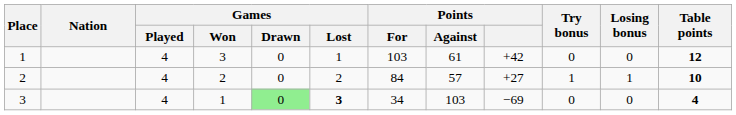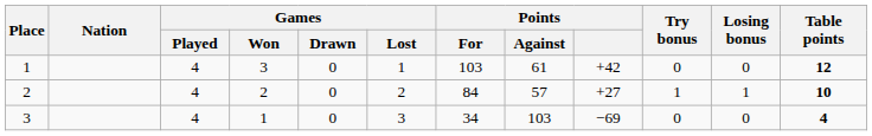 <table class="wikitable" style="text-align:center">
 <tr>
 <th rowspan="2" style="width:5%">Place</th>
 <th rowspan="2">Nation</th>
 <th colspan="4" style="width:32%">Games</th>
 <th colspan="3" style="width:18%">Points</th>
 <th rowspan="2" style="width:8%">Try<br>bonus</th>
 <th rowspan="2" style="width:8%">Losing<br>bonus</th>
 <th rowspan="2" style="width:10%">Table<br>points</th>
 </tr>
 <tr>
 <th style="width:8%">Played</th>
 <th style="width:8%">Won</th>
 <th style="width:8%">Drawn</th>
 <th style="width:8%">Lost</th>
 <th style="width:8%">For</th>
 <th style="width:8%">Against</th>
 <th style="width:8%"></th>
 </tr>
 <tr>
 <td>1</td>
 <td align=left></td>
 <td>4</td>
 <td>3</td>
 <td>0</td>
 <td>1</td>
 <td>103</td>
 <td>61</td>
 <td>+42</td>
 <td>0</td>
 <td>0</td>
 <td><strong>12</strong></td>
 </tr>
 <tr>
 <td>2</td>
 <td align=left></td>
 <td>4</td>
 <td>2</td>
 <td>0</td>
 <td>2</td>
 <td>84</td>
 <td>57</td>
 <td>+27</td>
 <td>1</td>
 <td>1</td>
 <td><strong>10</strong></td>
 </tr>
 <tr>
 <td>3</td>
 <td align=left></td>
 <td>4</td>
 <td>1</td>
-<td style="background: lightgreen;">0</td>
-<td><strong>3</strong></td>
+<td>0</td>
+<td>3</td>
 <td>34</td>
 <td>103</td>
 <td>−69</td>
 <td>0</td>
 <td>0</td>
 <td><strong>4</strong></td>
 </tr>
 </table>
